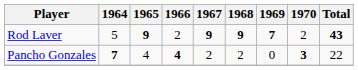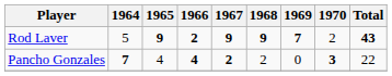 <table class="wikitable">
 <tr>
 <th>Player</th>
 <th>1964</th>
 <th>1965</th>
 <th>1966</th>
 <th>1967</th>
 <th>1968</th>
 <th>1969</th>
 <th>1970</th>
 <th>Total</th>
 </tr>
 <tr>
 <td> <a href='#'>Rod Laver</a></td>
 <td align="center">5</td>
 <td align="center"><strong>9</strong></td>
-<td align="center">2</td>
+<td align="center"><strong>2</strong></td>
 <td align="center"><strong>9</strong></td>
 <td align="center"><strong>9</strong></td>
 <td align="center"><strong>7</strong></td>
 <td align="center">2</td>
 <td align="center"><strong>43</strong></td>
 </tr>
 <tr>
 <td> <a href='#'>Pancho Gonzales</a></td>
 <td align="center"><strong>7</strong></td>
 <td align="center">4</td>
 <td align="center"><strong>4</strong></td>
-<td align="center">2</td>
+<td align="center"><strong>2</strong></td>
 <td align="center">2</td>
 <td align="center">0</td>
 <td align="center"><strong>3</strong></td>
 <td align="center">22</td>
 </tr>
 <tr>
 </tr>
 </table>
